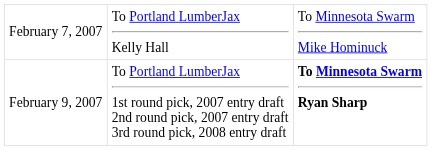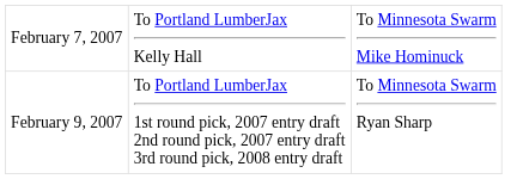 <table border=1 style="border-collapse:collapse" bordercolor="#DFDFDF"  cellpadding="5">
 <tr>
 <td>February 7, 2007<br></td>
 <td valign="top">To <a href='#'>Portland LumberJax</a> <hr>Kelly Hall</td>
 <td valign="top">To <a href='#'>Minnesota Swarm</a> <hr> <a href='#'>Mike Hominuck</a></td>
 </tr>
 <tr>
 <td>February 9, 2007<br></td>
 <td valign="top">To <a href='#'>Portland LumberJax</a> <hr>1st round pick, 2007 entry draft<br>2nd round pick, 2007 entry draft<br>3rd round pick, 2008 entry draft</td>
-<td valign="top"><strong>To <a href='#'>Minnesota Swarm</a> <hr> Ryan Sharp</strong></td>
+<td valign="top">To <a href='#'>Minnesota Swarm</a> <hr> Ryan Sharp</td>
 </tr>
 </table>
